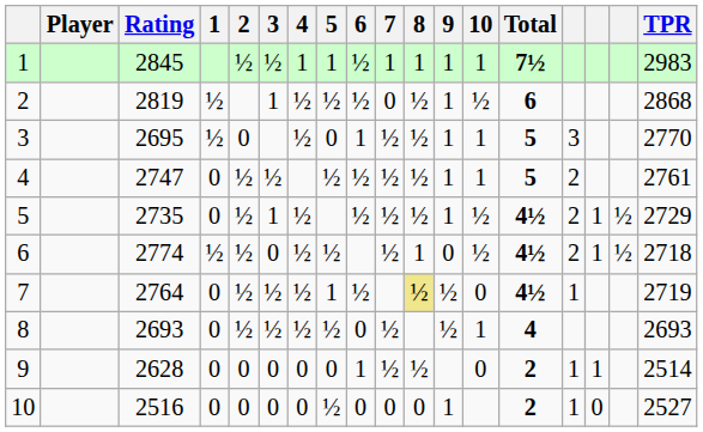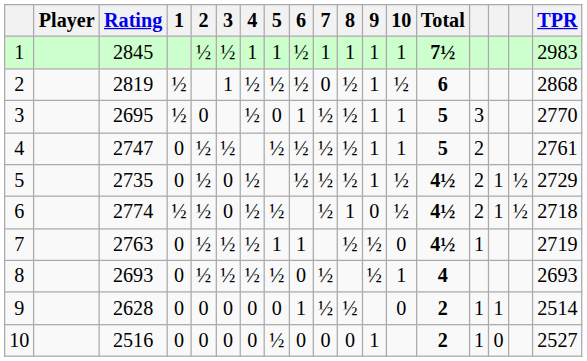 <table class="wikitable" style="text-align: center;">
 <tr>
 <th></th>
 <th>Player</th>
 <th><a href='#'>Rating</a></th>
 <th>1</th>
 <th>2</th>
 <th>3</th>
 <th>4</th>
 <th>5</th>
 <th>6</th>
 <th>7</th>
 <th>8</th>
 <th>9</th>
 <th>10</th>
 <th>Total</th>
 <th></th>
 <th></th>
 <th></th>
 <th><a href='#'>TPR</a></th>
 </tr>
 <tr style="background:#cfc;">
 <td>1</td>
 <td align=left><strong></strong></td>
 <td>2845</td>
 <td></td>
 <td>½</td>
 <td>½</td>
 <td>1</td>
 <td>1</td>
 <td>½</td>
 <td>1</td>
 <td>1</td>
 <td>1</td>
 <td>1</td>
 <td><strong>7½</strong></td>
 <td></td>
 <td></td>
 <td></td>
 <td>2983</td>
 </tr>
 <tr>
 <td>2</td>
 <td align=left></td>
 <td>2819</td>
 <td>½</td>
 <td></td>
 <td>1</td>
 <td>½</td>
 <td>½</td>
 <td>½</td>
 <td>0</td>
 <td>½</td>
 <td>1</td>
 <td>½</td>
 <td><strong>6</strong></td>
 <td></td>
 <td></td>
 <td></td>
 <td>2868</td>
 </tr>
 <tr>
 <td>3</td>
 <td align=left></td>
 <td>2695</td>
 <td>½</td>
 <td>0</td>
 <td></td>
 <td>½</td>
 <td>0</td>
 <td>1</td>
 <td>½</td>
 <td>½</td>
 <td>1</td>
 <td>1</td>
 <td><strong>5</strong></td>
 <td>3</td>
 <td></td>
 <td></td>
 <td>2770</td>
 </tr>
 <tr>
 <td>4</td>
 <td align=left></td>
 <td>2747</td>
 <td>0</td>
 <td>½</td>
 <td>½</td>
 <td></td>
 <td>½</td>
 <td>½</td>
 <td>½</td>
 <td>½</td>
 <td>1</td>
 <td>1</td>
 <td><strong>5</strong></td>
 <td>2</td>
 <td></td>
 <td></td>
 <td>2761</td>
 </tr>
 <tr>
 <td>5</td>
 <td align=left></td>
 <td>2735</td>
 <td>0</td>
 <td>½</td>
-<td>1</td>
+<td>0</td>
 <td>½</td>
 <td></td>
 <td>½</td>
 <td>½</td>
 <td>½</td>
 <td>1</td>
 <td>½</td>
 <td><strong>4½</strong></td>
 <td>2</td>
 <td>1</td>
 <td>½</td>
 <td>2729</td>
 </tr>
 <tr>
 <td>6</td>
 <td align=left></td>
 <td>2774</td>
 <td>½</td>
 <td>½</td>
 <td>0</td>
 <td>½</td>
 <td>½</td>
 <td></td>
 <td>½</td>
 <td>1</td>
 <td>0</td>
 <td>½</td>
 <td><strong>4½</strong></td>
 <td>2</td>
 <td>1</td>
 <td>½</td>
 <td>2718</td>
 </tr>
 <tr>
 <td>7</td>
 <td align=left></td>
-<td>2764</td>
+<td>2763</td>
 <td>0</td>
 <td>½</td>
 <td>½</td>
 <td>½</td>
 <td>1</td>
+<td>1</td>
+<td></td>
 <td>½</td>
-<td></td>
-<td style="background: khaki;">½</td>
 <td>½</td>
 <td>0</td>
 <td><strong>4½</strong></td>
 <td>1</td>
 <td></td>
 <td></td>
 <td>2719</td>
 </tr>
 <tr>
 <td>8</td>
 <td align=left></td>
 <td>2693</td>
 <td>0</td>
 <td>½</td>
 <td>½</td>
 <td>½</td>
 <td>½</td>
 <td>0</td>
 <td>½</td>
 <td></td>
 <td>½</td>
 <td>1</td>
 <td><strong>4</strong></td>
 <td></td>
 <td></td>
 <td></td>
 <td>2693</td>
 </tr>
 <tr>
 <td>9</td>
 <td align=left></td>
 <td>2628</td>
 <td>0</td>
 <td>0</td>
 <td>0</td>
 <td>0</td>
 <td>0</td>
 <td>1</td>
 <td>½</td>
 <td>½</td>
 <td></td>
 <td>0</td>
 <td><strong>2</strong></td>
 <td>1</td>
 <td>1</td>
 <td></td>
 <td>2514</td>
 </tr>
 <tr>
 <td>10</td>
 <td align=left></td>
 <td>2516</td>
 <td>0</td>
 <td>0</td>
 <td>0</td>
 <td>0</td>
 <td>½</td>
 <td>0</td>
 <td>0</td>
 <td>0</td>
 <td>1</td>
 <td></td>
 <td><strong>2</strong></td>
 <td>1</td>
 <td>0</td>
 <td></td>
 <td>2527</td>
 </tr>
 </table>
